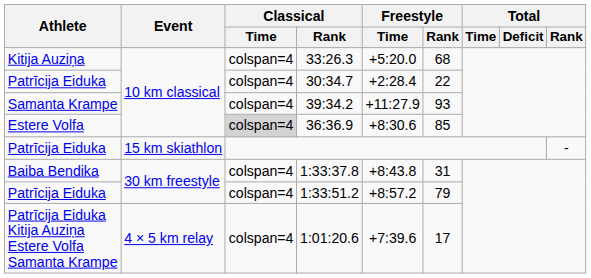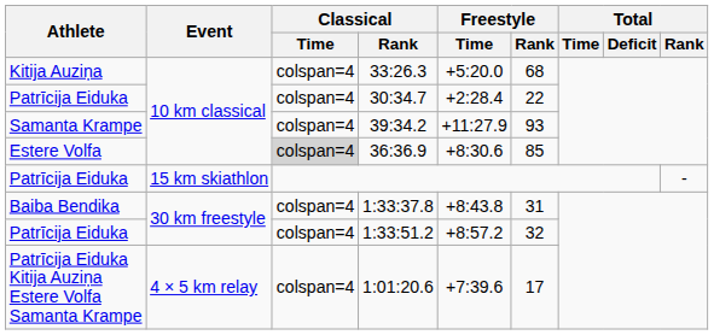 <table class=wikitable style="text-align:center; font-size:90%">
 <tr>
 <th rowspan=2>Athlete</th>
 <th rowspan=2>Event</th>
 <th colspan=2>Classical</th>
 <th colspan=2>Freestyle</th>
 <th colspan=3>Total</th>
 </tr>
 <tr style="font-size:95%">
 <th>Time</th>
 <th>Rank</th>
 <th>Time</th>
 <th>Rank</th>
 <th>Time</th>
 <th>Deficit</th>
 <th>Rank</th>
 </tr>
 <tr>
 <td align=left><a href='#'>Kitija Auziņa</a></td>
 <td align=left rowspan=4><a href='#'>10 km classical</a></td>
 <td>colspan=4 </td>
 <td>33:26.3</td>
 <td>+5:20.0</td>
 <td>68</td>
 </tr>
 <tr>
 <td align=left><a href='#'>Patrīcija Eiduka</a></td>
 <td>colspan=4 </td>
 <td>30:34.7</td>
 <td>+2:28.4</td>
 <td>22</td>
 </tr>
 <tr>
 <td align=left><a href='#'>Samanta Krampe</a></td>
 <td>colspan=4 </td>
 <td>39:34.2</td>
 <td>+11:27.9</td>
 <td>93</td>
 </tr>
 <tr>
 <td align=left><a href='#'>Estere Volfa</a></td>
 <td style="background: lightgrey;">colspan=4 </td>
 <td>36:36.9</td>
 <td>+8:30.6</td>
 <td>85</td>
 </tr>
 <tr>
 <td align=left><a href='#'>Patrīcija Eiduka</a></td>
 <td align=left><a href='#'>15 km skiathlon</a></td>
 <td colspan=6></td>
 <td>-</td>
 </tr>
 <tr>
 <td align=left><a href='#'>Baiba Bendika</a></td>
 <td align=left rowspan=2><a href='#'>30 km freestyle</a></td>
 <td>colspan=4 </td>
 <td>1:33:37.8</td>
 <td>+8:43.8</td>
 <td>31</td>
 </tr>
 <tr>
 <td align=left><a href='#'>Patrīcija Eiduka</a></td>
 <td>colspan=4 </td>
 <td>1:33:51.2</td>
 <td>+8:57.2</td>
-<td>79</td>
+<td>32</td>
 </tr>
 <tr>
 <td align=left><a href='#'>Patrīcija Eiduka</a><br><a href='#'>Kitija Auziņa</a><br><a href='#'>Estere Volfa</a><br><a href='#'>Samanta Krampe</a></td>
 <td align=left><a href='#'>4 × 5 km relay</a></td>
 <td>colspan=4 </td>
 <td>1:01:20.6</td>
 <td>+7:39.6</td>
 <td>17</td>
 </tr>
 </table>
